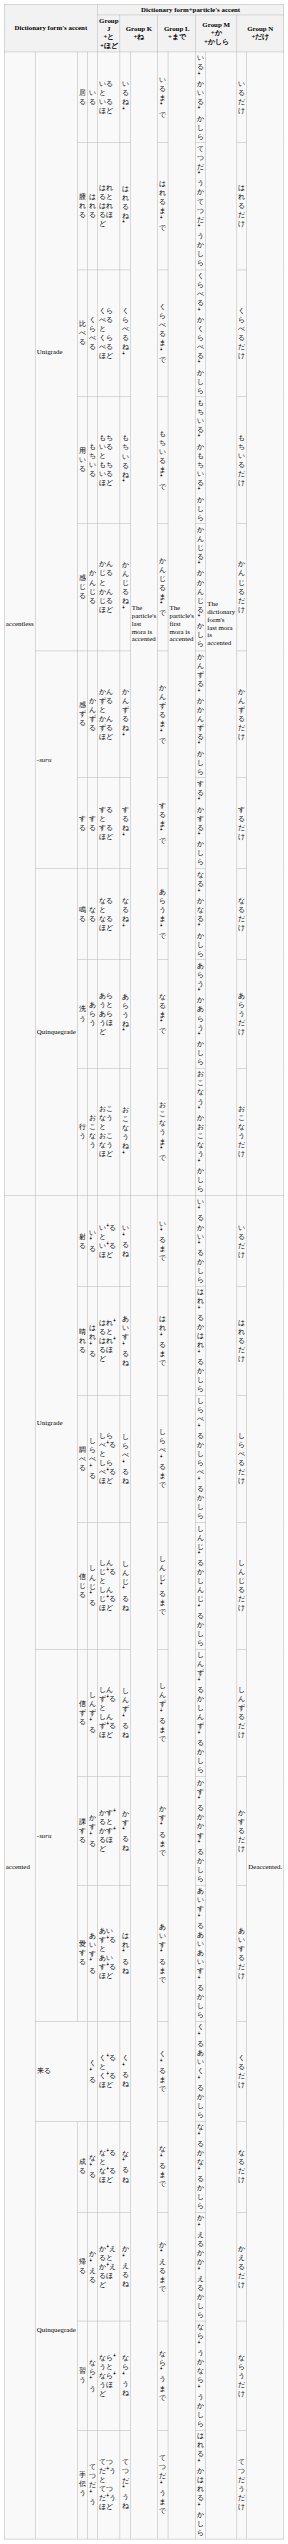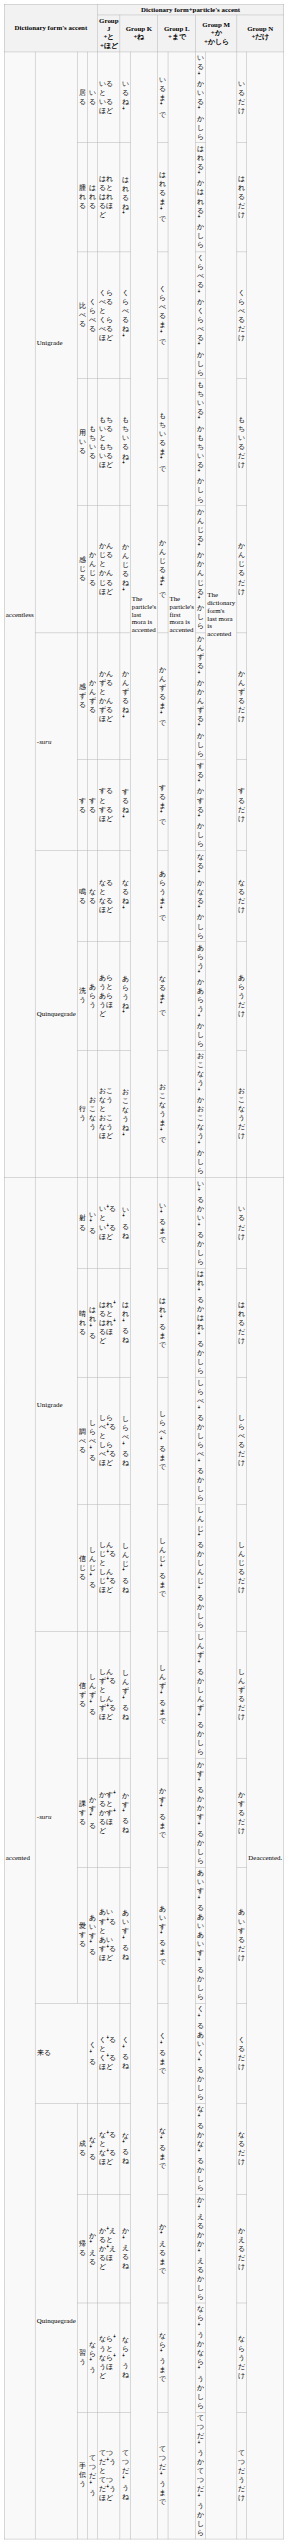 <table class="wikitable">
 <tr>
 <th rowspan=2 colspan=4>Dictionary form's accent</th>
 <th colspan=9>Dictionary form+particle's accent</th>
 </tr>
 <tr>
 <th>Group J<br>+と<br>+ほど</th>
 <th colspan=2>Group K<br>+ね</th>
 <th colspan=2>Group L<br>+まで</th>
 <th colspan=2>Group M<br>+か<br>+かしら</th>
 <th colspan=2>Group N<br>+だけ</th>
 </tr>
 <tr>
 <td rowspan=10>accentless</td>
 <td rowspan=5>Unigrade</td>
 <td>居る</td>
 <td>いる</td>
 <td>いると<br>いるほど</td>
 <td>いるねꜜ</td>
 <td rowspan=10 style=width:8em>The particle's last mora is accented</td>
 <td>いるまꜜで</td>
 <td rowspan=10 style=width:8em>The particle's first mora is accented</td>
 <td>いるꜜか<br>いるꜜかしら</td>
 <td rowspan=10 style=width:8em>The dictionary form's last mora is accented</td>
 <td>いるだけ</td>
 <td rowspan=10 style=width:8em></td>
 </tr>
 <tr>
 <td>腫れる</td>
 <td>はれる</td>
 <td>はれると<br>はれるほど</td>
 <td>はれるねꜜ</td>
 <td>はれるまꜜで</td>
-<td>てつだꜜうか<br>てつだꜜうかしら</td>
+<td>はれるꜜか<br>はれるꜜかしら</td>
 <td>はれるだけ</td>
 </tr>
 <tr>
 <td>比べる</td>
 <td>くらべる</td>
 <td>くらべると<br>くらべるほど</td>
 <td>くらべるねꜜ</td>
 <td>くらべるまꜜで</td>
 <td>くらべるꜜか<br>くらべるꜜかしら</td>
 <td>くらべるだけ</td>
 </tr>
 <tr>
 <td>用いる</td>
 <td>もちいる</td>
 <td>もちいると<br>もちいるほど</td>
 <td>もちいるねꜜ</td>
 <td>もちいるまꜜで</td>
 <td>もちいるꜜか<br>もちいるꜜかしら</td>
 <td>もちいるだけ</td>
 </tr>
 <tr>
 <td>感じる</td>
 <td>かんじる</td>
 <td>かんじると<br>かんじるほど</td>
 <td>かんじるねꜜ</td>
 <td>かんじるまꜜで</td>
 <td>かんじるꜜか<br>かんじるꜜかしら</td>
 <td>かんじるだけ</td>
 </tr>
 <tr>
 <td rowspan=2><em>-suru</em></td>
 <td>感ずる</td>
 <td>かんずる</td>
 <td>かんずると<br>かんずるほど</td>
 <td>かんずるねꜜ</td>
 <td>かんずるまꜜで</td>
 <td>かんずるꜜか<br>かんずるꜜかしら</td>
 <td>かんずるだけ</td>
 </tr>
 <tr>
 <td>する</td>
 <td>する</td>
 <td>すると<br>するほど</td>
 <td>するねꜜ</td>
 <td>するまꜜで</td>
 <td>するꜜか<br>するꜜかしら</td>
 <td>するだけ</td>
 </tr>
 <tr>
 <td rowspan=3>Quinquegrade</td>
 <td>鳴る</td>
 <td>なる</td>
 <td>なると<br>なるほど</td>
 <td>なるねꜜ</td>
 <td>あらうまꜜで</td>
 <td>なるꜜか<br>なるꜜかしら</td>
 <td>なるだけ</td>
 </tr>
 <tr>
 <td>洗う</td>
 <td>あらう</td>
 <td>あらうと<br>あらうほど</td>
 <td>あらうねꜜ</td>
 <td>なるまꜜで</td>
 <td>あらうꜜか<br>あらうꜜかしら</td>
 <td>あらうだけ</td>
 </tr>
 <tr>
 <td>行う</td>
 <td>おこなう</td>
 <td>おこなうと<br>おこなうほど</td>
 <td>おこなうねꜜ</td>
 <td>おこなうまꜜで</td>
 <td>おこなうꜜか<br>おこなうꜜかしら</td>
 <td>おこなうだけ</td>
 </tr>
 <tr>
 <td rowspan=12>accented</td>
 <td rowspan=4>Unigrade</td>
 <td>射る</td>
 <td>いꜜる</td>
 <td>いꜜると<br>いꜜるほど</td>
 <td>いꜜるね</td>
 <td rowspan=12></td>
 <td>いꜜるまで</td>
 <td rowspan=12></td>
 <td>いꜜるか<br>いꜜるかしら</td>
 <td rowspan=12></td>
 <td>いるだけ</td>
 <td rowspan=12>Deaccented.</td>
 </tr>
 <tr>
 <td>晴れる</td>
 <td>はれꜜる</td>
 <td>はれꜜると<br>はれꜜるほど</td>
-<td>あいすꜜるね</td>
+<td>はれꜜるね</td>
 <td>はれꜜるまで</td>
 <td>はれꜜるか<br>はれꜜるかしら</td>
 <td>はれるだけ</td>
 </tr>
 <tr>
 <td>調べる</td>
 <td>しらべꜜる</td>
 <td>しらべꜜると<br>しらべꜜるほど</td>
 <td>しらべꜜるね</td>
 <td>しらべꜜるまで</td>
 <td>しらべꜜるか<br>しらべꜜるかしら</td>
 <td>しらべるだけ</td>
 </tr>
 <tr>
 <td>信じる</td>
 <td>しんじꜜる</td>
 <td>しんじꜜると<br>しんじꜜるほど</td>
 <td>しんじꜜるね</td>
 <td>しんじꜜるまで</td>
 <td>しんじꜜるか<br>しんじꜜるかしら</td>
 <td>しんじるだけ</td>
 </tr>
 <tr>
 <td rowspan=3><em>-suru</em></td>
 <td>信ずる</td>
 <td>しんずꜜる</td>
 <td>しんずꜜると<br>しんずꜜるほど</td>
 <td>しんずꜜるね</td>
 <td>しんずꜜるまで</td>
 <td>しんずꜜるか<br>しんずꜜるかしら</td>
 <td>しんずるだけ</td>
 </tr>
 <tr>
 <td>課する</td>
 <td>かすꜜる</td>
 <td>かすꜜると<br>かすꜜるほど</td>
 <td>かすꜜるね</td>
 <td>かすꜜるまで</td>
 <td>かすꜜるか<br>かすꜜるかしら</td>
 <td>かするだけ</td>
 </tr>
 <tr>
 <td>愛する</td>
 <td>あいすꜜる</td>
 <td>あいすꜜると<br>あいすꜜるほど</td>
-<td>はれꜜるね</td>
+<td>あいすꜜるね</td>
 <td>あいすꜜるまで</td>
 <td>あいすꜜるあい<br>あいすꜜるかしら</td>
 <td>あいするだけ</td>
 </tr>
 <tr>
 <td colspan=2>来る</td>
 <td>くꜜる</td>
 <td>くꜜると<br>くꜜるほど</td>
 <td>くꜜるね</td>
 <td>くꜜるまで</td>
 <td>くꜜるあい<br>くꜜるかしら</td>
 <td>くるだけ</td>
 </tr>
 <tr>
 <td rowspan=4>Quinquegrade</td>
 <td>成る</td>
 <td>なꜜる</td>
 <td>なꜜると<br>なꜜるほど</td>
 <td>なꜜるね</td>
 <td>なꜜるまで</td>
 <td>なꜜるか<br>なꜜるかしら</td>
 <td>なるだけ</td>
 </tr>
 <tr>
 <td>帰る</td>
 <td>かꜜえる</td>
 <td>かꜜえると<br>かꜜえるほど</td>
 <td>かꜜえるね</td>
 <td>かꜜえるまで</td>
 <td>かꜜえるか<br>かꜜえるかしら</td>
 <td>かえるだけ</td>
 </tr>
 <tr>
 <td>習う</td>
 <td>ならꜜう</td>
 <td>ならꜜうと<br>ならꜜうほど</td>
 <td>ならꜜうね</td>
 <td>ならꜜうまで</td>
 <td>ならꜜうか<br>ならꜜうかしら</td>
 <td>ならうだけ</td>
 </tr>
 <tr>
 <td>手伝う</td>
 <td>てつだꜜう</td>
 <td>てつだꜜうと<br>てつだꜜうほど</td>
 <td>てつだꜜうね</td>
 <td>てつだꜜうまで</td>
-<td>はれるꜜか<br>はれるꜜかしら</td>
+<td>てつだꜜうか<br>てつだꜜうかしら</td>
 <td>てつだうだけ</td>
 </tr>
 </table>
